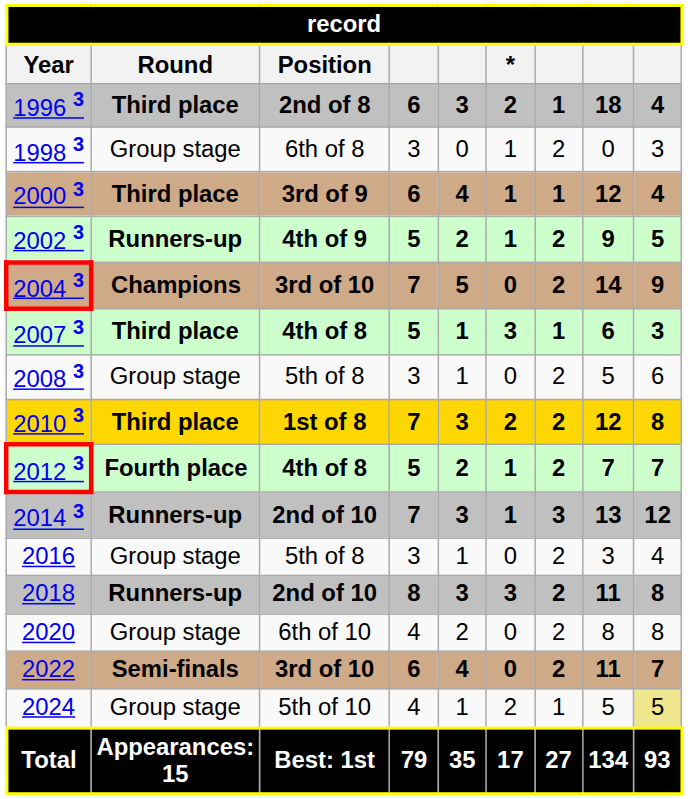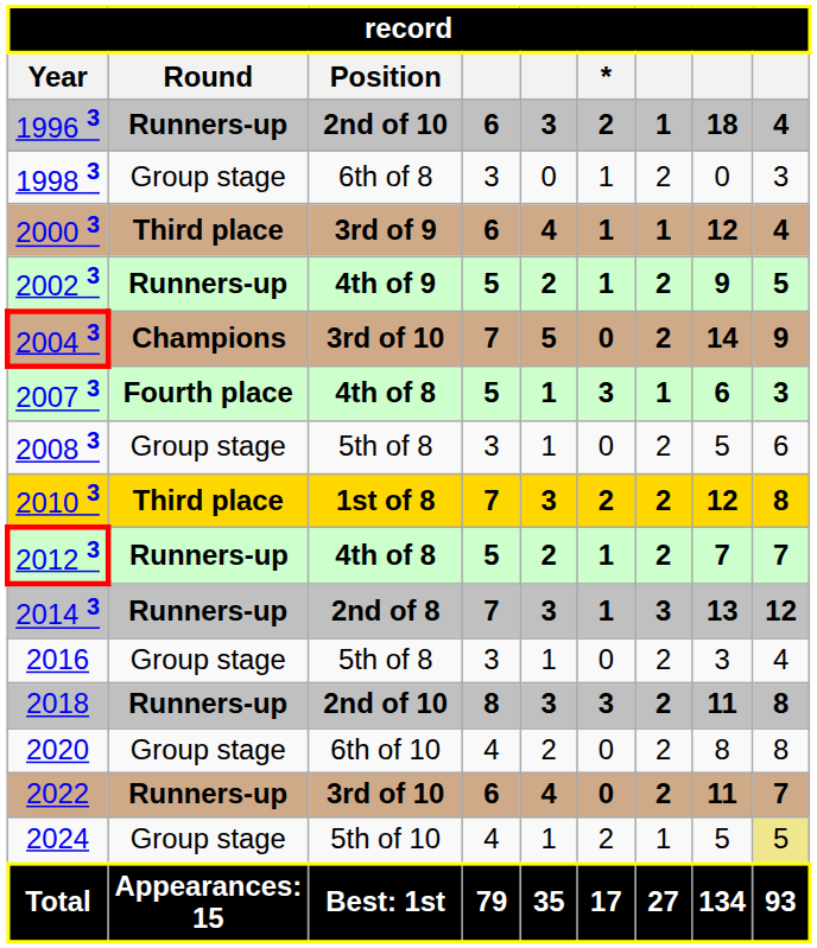 <table class="wikitable" style="text-align:center;font-size:100%;">
 <tr>
 <th colspan=10 style="background: #000000; color: #FFFFFF; border:2px solid #FFFF00;"><a href='#'></a> record</th>
 </tr>
 <tr>
 <th>Year</th>
 <th width=80>Round</th>
 <th width=80>Position</th>
 <th width=25></th>
 <th width=25></th>
 <th width=25>*</th>
 <th width=25></th>
 <th width=25></th>
 <th width=25></th>
 </tr>
 <tr style="background:silver;">
 <td> <a href='#'>1996 <strong><sup>3</sup></strong></a></td>
-<td><strong>Third place</strong></td>
-<td><strong>2nd of 8</strong></td>
+<td><strong>Runners-up</strong></td>
+<td><strong>2nd of 10</strong></td>
 <td><strong>6</strong></td>
 <td><strong>3</strong></td>
 <td><strong>2</strong></td>
 <td><strong>1</strong></td>
 <td><strong>18</strong></td>
 <td><strong>4</strong></td>
 </tr>
 <tr>
 <td> <a href='#'>1998 <strong><sup>3</sup></strong></a></td>
 <td>Group stage</td>
 <td>6th of 8</td>
 <td>3</td>
 <td>0</td>
 <td>1</td>
 <td>2</td>
 <td>0</td>
 <td>3</td>
 </tr>
 <tr style="background:#cfaa88;">
 <td> <a href='#'>2000 <strong><sup>3</sup></strong></a></td>
 <td><strong>Third place</strong></td>
 <td><strong>3rd of 9</strong></td>
 <td><strong>6</strong></td>
 <td><strong>4</strong></td>
 <td><strong>1</strong></td>
 <td><strong>1</strong></td>
 <td><strong>12</strong></td>
 <td><strong>4</strong></td>
 </tr>
 <tr style="background:#ccffcc;">
 <td>  <a href='#'>2002 <strong><sup>3</sup></strong></a></td>
 <td><strong>Runners-up</strong></td>
 <td><strong>4th of 9</strong></td>
 <td><strong>5</strong></td>
 <td><strong>2</strong></td>
 <td><strong>1</strong></td>
 <td><strong>2</strong></td>
 <td><strong>9</strong></td>
 <td><strong>5</strong></td>
 </tr>
 <tr style="background:#cfaa88;">
 <td style="border: 3px solid red">  <a href='#'>2004 <strong><sup>3</sup></strong></a></td>
 <td><strong>Champions</strong></td>
 <td><strong>3rd of 10</strong></td>
 <td><strong>7</strong></td>
 <td><strong>5</strong></td>
 <td><strong>0</strong></td>
 <td><strong>2</strong></td>
 <td><strong>14</strong></td>
 <td><strong>9</strong></td>
 </tr>
 <tr bgcolor=#ccffcc>
 <td>  <a href='#'>2007 <strong><sup>3</sup></strong></a></td>
-<td><strong>Third place</strong></td>
+<td><strong>Fourth place</strong></td>
 <td><strong>4th of 8</strong></td>
 <td><strong>5</strong></td>
 <td><strong>1</strong></td>
 <td><strong>3</strong></td>
 <td><strong>1</strong></td>
 <td><strong>6</strong></td>
 <td><strong>3</strong></td>
 </tr>
 <tr>
 <td>  <a href='#'>2008 <strong><sup>3</sup></strong></a></td>
 <td>Group stage</td>
 <td>5th of 8</td>
 <td>3</td>
 <td>1</td>
 <td>0</td>
 <td>2</td>
 <td>5</td>
 <td>6</td>
 </tr>
 <tr style="background:gold;">
 <td>  <a href='#'>2010 <strong><sup>3</sup></strong></a></td>
 <td><strong>Third place</strong></td>
 <td><strong>1st of 8</strong></td>
 <td><strong>7</strong></td>
 <td><strong>3</strong></td>
 <td><strong>2</strong></td>
 <td><strong>2</strong></td>
 <td><strong>12</strong></td>
 <td><strong>8</strong></td>
 </tr>
 <tr style="background:#ccffcc;">
 <td style="border: 3px solid red">  <a href='#'>2012 <strong><sup>3</sup></strong></a></td>
-<td><strong>Fourth place</strong></td>
+<td><strong>Runners-up</strong></td>
 <td><strong>4th of 8</strong></td>
 <td><strong>5</strong></td>
 <td><strong>2</strong></td>
 <td><strong>1</strong></td>
 <td><strong>2</strong></td>
 <td><strong>7</strong></td>
 <td><strong>7</strong></td>
 </tr>
 <tr style="background:silver;">
 <td>  <a href='#'>2014 <strong><sup>3</sup></strong></a></td>
 <td><strong>Runners-up</strong></td>
-<td><strong>2nd of 10</strong></td>
+<td><strong>2nd of 8</strong></td>
 <td><strong>7</strong></td>
 <td><strong>3</strong></td>
 <td><strong>1</strong></td>
 <td><strong>3</strong></td>
 <td><strong>13</strong></td>
 <td><strong>12</strong></td>
 </tr>
 <tr>
 <td>  <a href='#'>2016</a></td>
 <td>Group stage</td>
 <td>5th of 8</td>
 <td>3</td>
 <td>1</td>
 <td>0</td>
 <td>2</td>
 <td>3</td>
 <td>4</td>
 </tr>
 <tr style="background:silver;">
 <td> <a href='#'>2018</a></td>
 <td><strong>Runners-up</strong></td>
 <td><strong>2nd of 10</strong></td>
 <td><strong>8</strong></td>
 <td><strong>3</strong></td>
 <td><strong>3</strong></td>
 <td><strong>2</strong></td>
 <td><strong>11</strong></td>
 <td><strong>8</strong></td>
 </tr>
 <tr>
 <td> <a href='#'>2020</a></td>
 <td>Group stage</td>
 <td>6th of 10</td>
 <td>4</td>
 <td>2</td>
 <td>0</td>
 <td>2</td>
 <td>8</td>
 <td>8</td>
 </tr>
 <tr style="background:#cfaa88;">
 <td> <a href='#'>2022</a></td>
-<td><strong>Semi-finals</strong></td>
+<td><strong>Runners-up</strong></td>
 <td><strong>3rd of 10</strong></td>
 <td><strong>6</strong></td>
 <td><strong>4</strong></td>
 <td><strong>0</strong></td>
 <td><strong>2</strong></td>
 <td><strong>11</strong></td>
 <td><strong>7</strong></td>
 </tr>
 <tr>
 <td> <a href='#'>2024</a></td>
 <td>Group stage</td>
 <td>5th of 10</td>
 <td>4</td>
 <td>1</td>
 <td>2</td>
 <td>1</td>
 <td>5</td>
 <td style="background: khaki;">5</td>
 </tr>
 <tr style="background: #000000; color: #FFFFFF; border:2px solid #FFFF00;">
 <td><strong>Total</strong></td>
 <td><strong>Appearances: 15</strong></td>
 <td><strong>Best: 1st</strong></td>
 <td><strong>79</strong></td>
 <td><strong>35</strong></td>
 <td><strong>17</strong></td>
 <td><strong>27</strong></td>
 <td><strong>134</strong></td>
 <td><strong>93</strong></td>
 </tr>
 </table>
